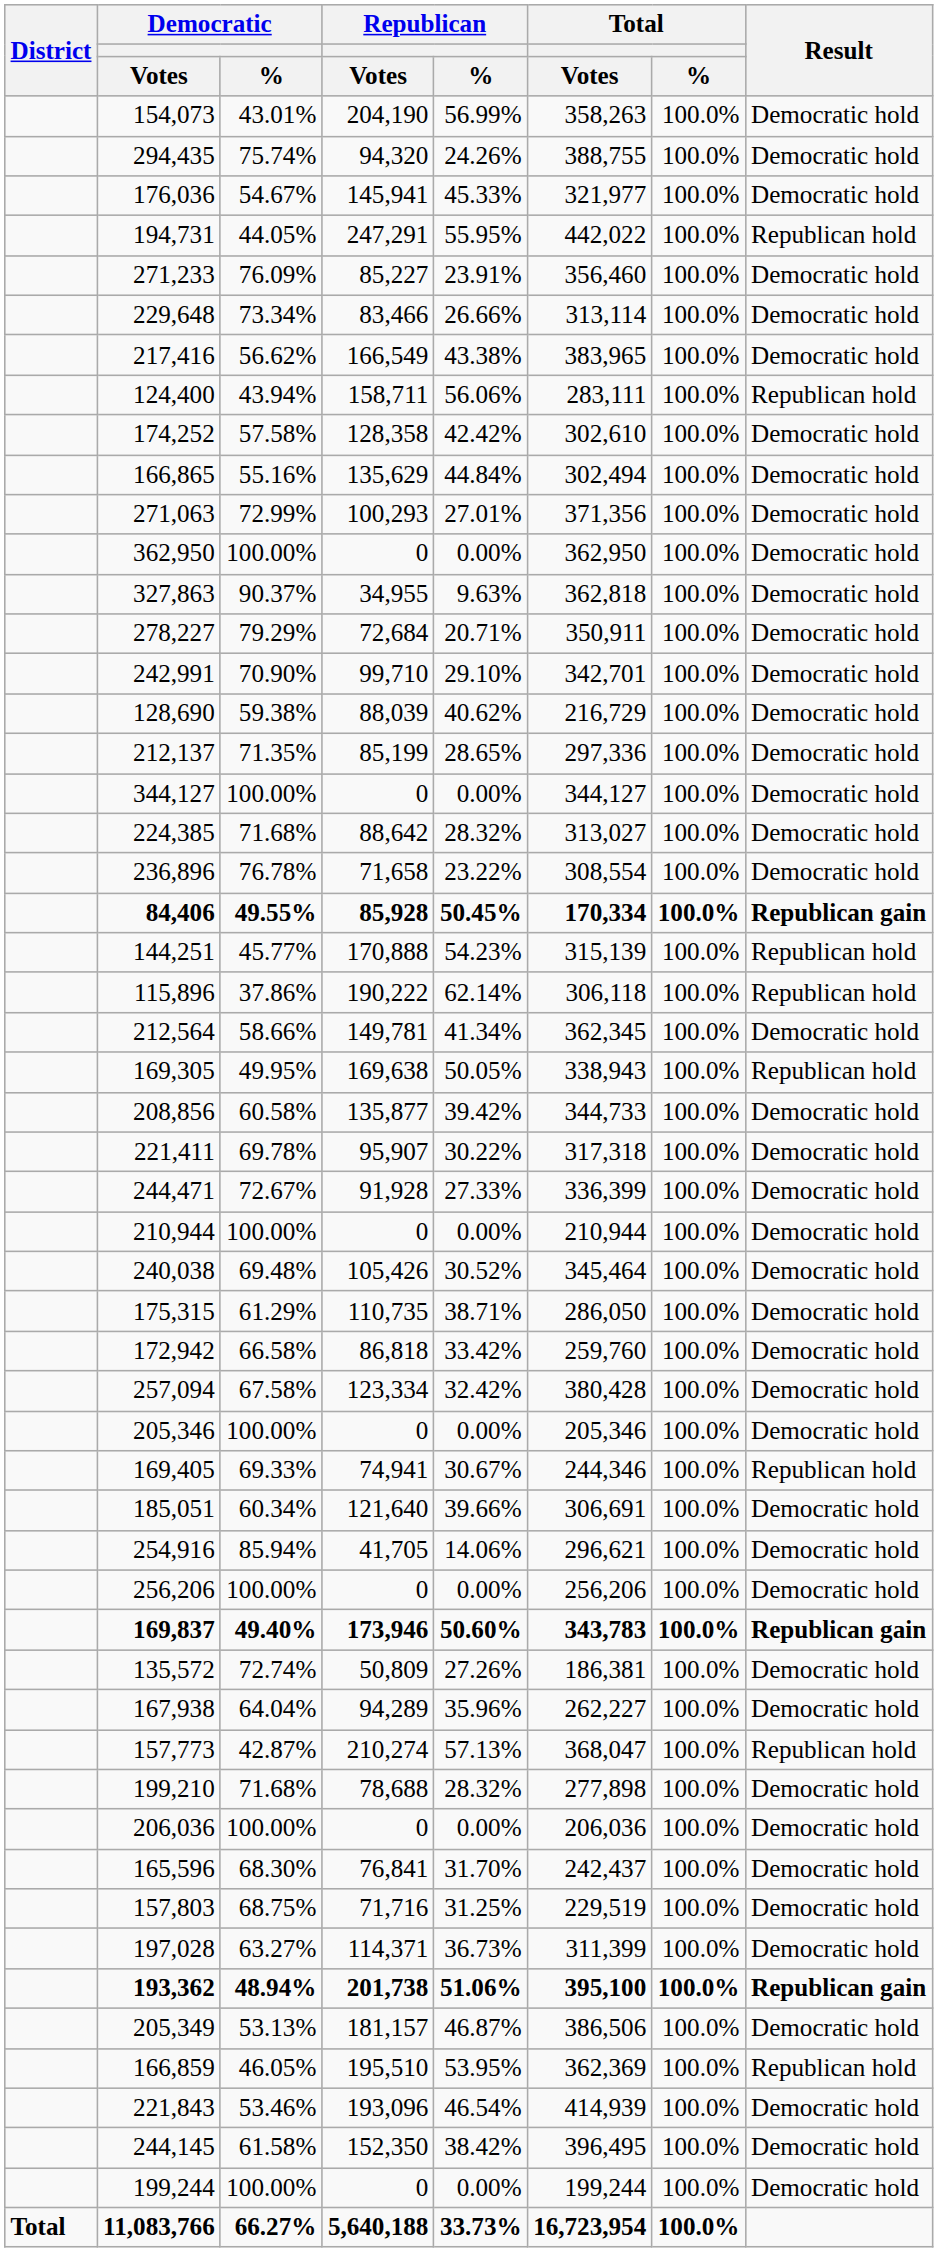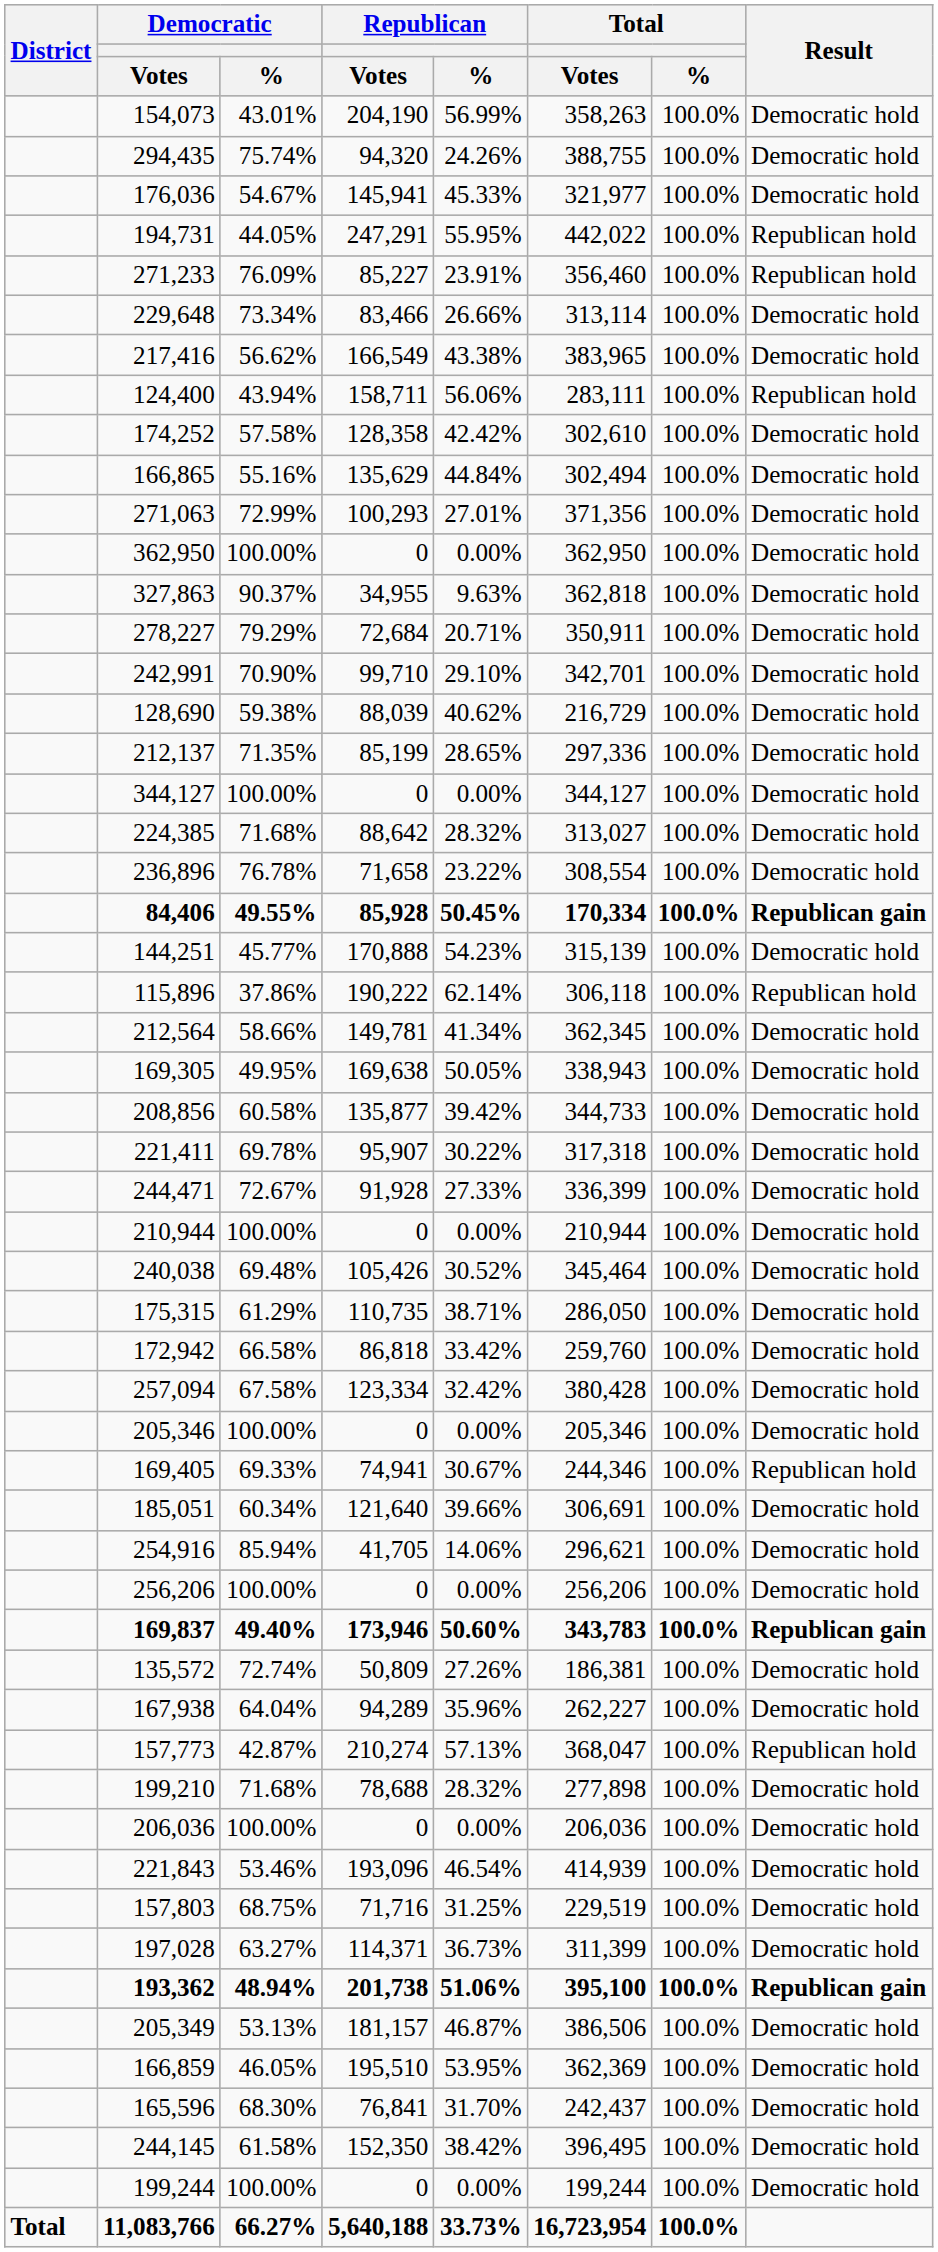 <table class="wikitable plainrowheaders sortable" style="font-size:100%; text-align:right;">
 <tr>
 <th scope=col rowspan=3><a href='#'>District</a></th>
 <th scope=col colspan=2><a href='#'>Democratic</a></th>
 <th scope=col colspan=2><a href='#'>Republican</a></th>
 <th scope=col colspan=2>Total</th>
 <th scope=col rowspan=3>Result</th>
 </tr>
 <tr>
 <th scope=col colspan=2 style="background:"></th>
 <th scope=col colspan=2 style="background:"></th>
 <th scope=col colspan=2></th>
 </tr>
 <tr>
 <th scope=col data-sort-type="number">Votes</th>
 <th scope=col data-sort-type="number">%</th>
 <th scope=col data-sort-type="number">Votes</th>
 <th scope=col data-sort-type="number">%</th>
 <th scope=col data-sort-type="number">Votes</th>
 <th scope=col data-sort-type="number">%</th>
 </tr>
 <tr>
 <td align=left></td>
 <td>154,073</td>
 <td>43.01%</td>
 <td>204,190</td>
 <td>56.99%</td>
 <td>358,263</td>
 <td>100.0%</td>
 <td align=left>Democratic hold</td>
 </tr>
 <tr>
 <td align=left></td>
 <td>294,435</td>
 <td>75.74%</td>
 <td>94,320</td>
 <td>24.26%</td>
 <td>388,755</td>
 <td>100.0%</td>
 <td align=left>Democratic hold</td>
 </tr>
 <tr>
 <td align=left></td>
 <td>176,036</td>
 <td>54.67%</td>
 <td>145,941</td>
 <td>45.33%</td>
 <td>321,977</td>
 <td>100.0%</td>
 <td align=left>Democratic hold</td>
 </tr>
 <tr>
 <td align=left></td>
 <td>194,731</td>
 <td>44.05%</td>
 <td>247,291</td>
 <td>55.95%</td>
 <td>442,022</td>
 <td>100.0%</td>
 <td align=left>Republican hold</td>
 </tr>
 <tr>
 <td align=left></td>
 <td>271,233</td>
 <td>76.09%</td>
 <td>85,227</td>
 <td>23.91%</td>
 <td>356,460</td>
 <td>100.0%</td>
-<td align=left>Democratic hold</td>
+<td align=left>Republican hold</td>
 </tr>
 <tr>
 <td align=left></td>
 <td>229,648</td>
 <td>73.34%</td>
 <td>83,466</td>
 <td>26.66%</td>
 <td>313,114</td>
 <td>100.0%</td>
 <td align=left>Democratic hold</td>
 </tr>
 <tr>
 <td align=left></td>
 <td>217,416</td>
 <td>56.62%</td>
 <td>166,549</td>
 <td>43.38%</td>
 <td>383,965</td>
 <td>100.0%</td>
 <td align=left>Democratic hold</td>
 </tr>
 <tr>
 <td align=left></td>
 <td>124,400</td>
 <td>43.94%</td>
 <td>158,711</td>
 <td>56.06%</td>
 <td>283,111</td>
 <td>100.0%</td>
 <td align=left>Republican hold</td>
 </tr>
 <tr>
 <td align=left></td>
 <td>174,252</td>
 <td>57.58%</td>
 <td>128,358</td>
 <td>42.42%</td>
 <td>302,610</td>
 <td>100.0%</td>
 <td align=left>Democratic hold</td>
 </tr>
 <tr>
 <td align=left></td>
 <td>166,865</td>
 <td>55.16%</td>
 <td>135,629</td>
 <td>44.84%</td>
 <td>302,494</td>
 <td>100.0%</td>
 <td align=left>Democratic hold</td>
 </tr>
 <tr>
 <td align=left></td>
 <td>271,063</td>
 <td>72.99%</td>
 <td>100,293</td>
 <td>27.01%</td>
 <td>371,356</td>
 <td>100.0%</td>
 <td align=left>Democratic hold</td>
 </tr>
 <tr>
 <td align=left></td>
 <td>362,950</td>
 <td>100.00%</td>
 <td>0</td>
 <td>0.00%</td>
 <td>362,950</td>
 <td>100.0%</td>
 <td align=left>Democratic hold</td>
 </tr>
 <tr>
 <td align=left></td>
 <td>327,863</td>
 <td>90.37%</td>
 <td>34,955</td>
 <td>9.63%</td>
 <td>362,818</td>
 <td>100.0%</td>
 <td align=left>Democratic hold</td>
 </tr>
 <tr>
 <td align=left></td>
 <td>278,227</td>
 <td>79.29%</td>
 <td>72,684</td>
 <td>20.71%</td>
 <td>350,911</td>
 <td>100.0%</td>
 <td align=left>Democratic hold</td>
 </tr>
 <tr>
 <td align=left></td>
 <td>242,991</td>
 <td>70.90%</td>
 <td>99,710</td>
 <td>29.10%</td>
 <td>342,701</td>
 <td>100.0%</td>
 <td align=left>Democratic hold</td>
 </tr>
 <tr>
 <td align=left></td>
 <td>128,690</td>
 <td>59.38%</td>
 <td>88,039</td>
 <td>40.62%</td>
 <td>216,729</td>
 <td>100.0%</td>
 <td align=left>Democratic hold</td>
 </tr>
 <tr>
 <td align=left></td>
 <td>212,137</td>
 <td>71.35%</td>
 <td>85,199</td>
 <td>28.65%</td>
 <td>297,336</td>
 <td>100.0%</td>
 <td align=left>Democratic hold</td>
 </tr>
 <tr>
 <td align=left></td>
 <td>344,127</td>
 <td>100.00%</td>
 <td>0</td>
 <td>0.00%</td>
 <td>344,127</td>
 <td>100.0%</td>
 <td align=left>Democratic hold</td>
 </tr>
 <tr>
 <td align=left></td>
 <td>224,385</td>
 <td>71.68%</td>
 <td>88,642</td>
 <td>28.32%</td>
 <td>313,027</td>
 <td>100.0%</td>
 <td align=left>Democratic hold</td>
 </tr>
 <tr>
 <td align=left></td>
 <td>236,896</td>
 <td>76.78%</td>
 <td>71,658</td>
 <td>23.22%</td>
 <td>308,554</td>
 <td>100.0%</td>
 <td align=left>Democratic hold</td>
 </tr>
 <tr>
 <td align=left><strong></strong></td>
 <td><strong>84,406</strong></td>
 <td><strong>49.55%</strong></td>
 <td><strong>85,928</strong></td>
 <td><strong>50.45%</strong></td>
 <td><strong>170,334</strong></td>
 <td><strong>100.0%</strong></td>
 <td align=left><strong>Republican gain</strong></td>
 </tr>
 <tr>
 <td align=left></td>
 <td>144,251</td>
 <td>45.77%</td>
 <td>170,888</td>
 <td>54.23%</td>
 <td>315,139</td>
 <td>100.0%</td>
-<td align=left>Republican hold</td>
+<td align=left>Democratic hold</td>
 </tr>
 <tr>
 <td align=left></td>
 <td>115,896</td>
 <td>37.86%</td>
 <td>190,222</td>
 <td>62.14%</td>
 <td>306,118</td>
 <td>100.0%</td>
 <td align=left>Republican hold</td>
 </tr>
 <tr>
 <td align=left></td>
 <td>212,564</td>
 <td>58.66%</td>
 <td>149,781</td>
 <td>41.34%</td>
 <td>362,345</td>
 <td>100.0%</td>
 <td align=left>Democratic hold</td>
 </tr>
 <tr>
 <td align=left></td>
 <td>169,305</td>
 <td>49.95%</td>
 <td>169,638</td>
 <td>50.05%</td>
 <td>338,943</td>
 <td>100.0%</td>
-<td align=left>Republican hold</td>
+<td align=left>Democratic hold</td>
 </tr>
 <tr>
 <td align=left></td>
 <td>208,856</td>
 <td>60.58%</td>
 <td>135,877</td>
 <td>39.42%</td>
 <td>344,733</td>
 <td>100.0%</td>
 <td align=left>Democratic hold</td>
 </tr>
 <tr>
 <td align=left></td>
 <td>221,411</td>
 <td>69.78%</td>
 <td>95,907</td>
 <td>30.22%</td>
 <td>317,318</td>
 <td>100.0%</td>
 <td align=left>Democratic hold</td>
 </tr>
 <tr>
 <td align=left></td>
 <td>244,471</td>
 <td>72.67%</td>
 <td>91,928</td>
 <td>27.33%</td>
 <td>336,399</td>
 <td>100.0%</td>
 <td align=left>Democratic hold</td>
 </tr>
 <tr>
 <td align=left></td>
 <td>210,944</td>
 <td>100.00%</td>
 <td>0</td>
 <td>0.00%</td>
 <td>210,944</td>
 <td>100.0%</td>
 <td align=left>Democratic hold</td>
 </tr>
 <tr>
 <td align=left></td>
 <td>240,038</td>
 <td>69.48%</td>
 <td>105,426</td>
 <td>30.52%</td>
 <td>345,464</td>
 <td>100.0%</td>
 <td align=left>Democratic hold</td>
 </tr>
 <tr>
 <td align=left></td>
 <td>175,315</td>
 <td>61.29%</td>
 <td>110,735</td>
 <td>38.71%</td>
 <td>286,050</td>
 <td>100.0%</td>
 <td align=left>Democratic hold</td>
 </tr>
 <tr>
 <td align=left></td>
 <td>172,942</td>
 <td>66.58%</td>
 <td>86,818</td>
 <td>33.42%</td>
 <td>259,760</td>
 <td>100.0%</td>
 <td align=left>Democratic hold</td>
 </tr>
 <tr>
 <td align=left></td>
 <td>257,094</td>
 <td>67.58%</td>
 <td>123,334</td>
 <td>32.42%</td>
 <td>380,428</td>
 <td>100.0%</td>
 <td align=left>Democratic hold</td>
 </tr>
 <tr>
 <td align=left></td>
 <td>205,346</td>
 <td>100.00%</td>
 <td>0</td>
 <td>0.00%</td>
 <td>205,346</td>
 <td>100.0%</td>
 <td align=left>Democratic hold</td>
 </tr>
 <tr>
 <td align=left></td>
 <td>169,405</td>
 <td>69.33%</td>
 <td>74,941</td>
 <td>30.67%</td>
 <td>244,346</td>
 <td>100.0%</td>
 <td align=left>Republican hold</td>
 </tr>
 <tr>
 <td align=left></td>
 <td>185,051</td>
 <td>60.34%</td>
 <td>121,640</td>
 <td>39.66%</td>
 <td>306,691</td>
 <td>100.0%</td>
 <td align=left>Democratic hold</td>
 </tr>
 <tr>
 <td align=left></td>
 <td>254,916</td>
 <td>85.94%</td>
 <td>41,705</td>
 <td>14.06%</td>
 <td>296,621</td>
 <td>100.0%</td>
 <td align=left>Democratic hold</td>
 </tr>
 <tr>
 <td align=left></td>
 <td>256,206</td>
 <td>100.00%</td>
 <td>0</td>
 <td>0.00%</td>
 <td>256,206</td>
 <td>100.0%</td>
 <td align=left>Democratic hold</td>
 </tr>
 <tr>
 <td align=left><strong></strong></td>
 <td><strong>169,837</strong></td>
 <td><strong>49.40%</strong></td>
 <td><strong>173,946</strong></td>
 <td><strong>50.60%</strong></td>
 <td><strong>343,783</strong></td>
 <td><strong>100.0%</strong></td>
 <td align=left><strong>Republican gain</strong></td>
 </tr>
 <tr>
 <td align=left></td>
 <td>135,572</td>
 <td>72.74%</td>
 <td>50,809</td>
 <td>27.26%</td>
 <td>186,381</td>
 <td>100.0%</td>
 <td align=left>Democratic hold</td>
 </tr>
 <tr>
 <td align=left></td>
 <td>167,938</td>
 <td>64.04%</td>
 <td>94,289</td>
 <td>35.96%</td>
 <td>262,227</td>
 <td>100.0%</td>
 <td align=left>Democratic hold</td>
 </tr>
 <tr>
 <td align=left></td>
 <td>157,773</td>
 <td>42.87%</td>
 <td>210,274</td>
 <td>57.13%</td>
 <td>368,047</td>
 <td>100.0%</td>
 <td align=left>Republican hold</td>
 </tr>
 <tr>
 <td align=left></td>
 <td>199,210</td>
 <td>71.68%</td>
 <td>78,688</td>
 <td>28.32%</td>
 <td>277,898</td>
 <td>100.0%</td>
 <td align=left>Democratic hold</td>
 </tr>
 <tr>
 <td align=left></td>
 <td>206,036</td>
 <td>100.00%</td>
 <td>0</td>
 <td>0.00%</td>
 <td>206,036</td>
 <td>100.0%</td>
 <td align=left>Democratic hold</td>
 </tr>
 <tr>
 <td align=left></td>
-<td>165,596</td>
-<td>68.30%</td>
-<td>76,841</td>
-<td>31.70%</td>
-<td>242,437</td>
+<td>221,843</td>
+<td>53.46%</td>
+<td>193,096</td>
+<td>46.54%</td>
+<td>414,939</td>
 <td>100.0%</td>
 <td align=left>Democratic hold</td>
 </tr>
 <tr>
 <td align=left></td>
 <td>157,803</td>
 <td>68.75%</td>
 <td>71,716</td>
 <td>31.25%</td>
 <td>229,519</td>
 <td>100.0%</td>
 <td align=left>Democratic hold</td>
 </tr>
 <tr>
 <td align=left></td>
 <td>197,028</td>
 <td>63.27%</td>
 <td>114,371</td>
 <td>36.73%</td>
 <td>311,399</td>
 <td>100.0%</td>
 <td align=left>Democratic hold</td>
 </tr>
 <tr>
 <td align=left><strong></strong></td>
 <td><strong>193,362</strong></td>
 <td><strong>48.94%</strong></td>
 <td><strong>201,738</strong></td>
 <td><strong>51.06%</strong></td>
 <td><strong>395,100</strong></td>
 <td><strong>100.0%</strong></td>
 <td align=left><strong>Republican gain</strong></td>
 </tr>
 <tr>
 <td align=left></td>
 <td>205,349</td>
 <td>53.13%</td>
 <td>181,157</td>
 <td>46.87%</td>
 <td>386,506</td>
 <td>100.0%</td>
 <td align=left>Democratic hold</td>
 </tr>
 <tr>
 <td align=left></td>
 <td>166,859</td>
 <td>46.05%</td>
 <td>195,510</td>
 <td>53.95%</td>
 <td>362,369</td>
 <td>100.0%</td>
-<td align=left>Republican hold</td>
+<td align=left>Democratic hold</td>
 </tr>
 <tr>
 <td align=left></td>
-<td>221,843</td>
-<td>53.46%</td>
-<td>193,096</td>
-<td>46.54%</td>
-<td>414,939</td>
+<td>165,596</td>
+<td>68.30%</td>
+<td>76,841</td>
+<td>31.70%</td>
+<td>242,437</td>
 <td>100.0%</td>
 <td align=left>Democratic hold</td>
 </tr>
 <tr>
 <td align=left></td>
 <td>244,145</td>
 <td>61.58%</td>
 <td>152,350</td>
 <td>38.42%</td>
 <td>396,495</td>
 <td>100.0%</td>
 <td align=left>Democratic hold</td>
 </tr>
 <tr>
 <td align=left></td>
 <td>199,244</td>
 <td>100.00%</td>
 <td>0</td>
 <td>0.00%</td>
 <td>199,244</td>
 <td>100.0%</td>
 <td align=left>Democratic hold</td>
 </tr>
 <tr class="sortbottom" style="font-weight:bold">
 <td align=left>Total</td>
 <td>11,083,766</td>
 <td>66.27%</td>
 <td>5,640,188</td>
 <td>33.73%</td>
 <td>16,723,954</td>
 <td>100.0%</td>
 <td></td>
 </tr>
 </table>
